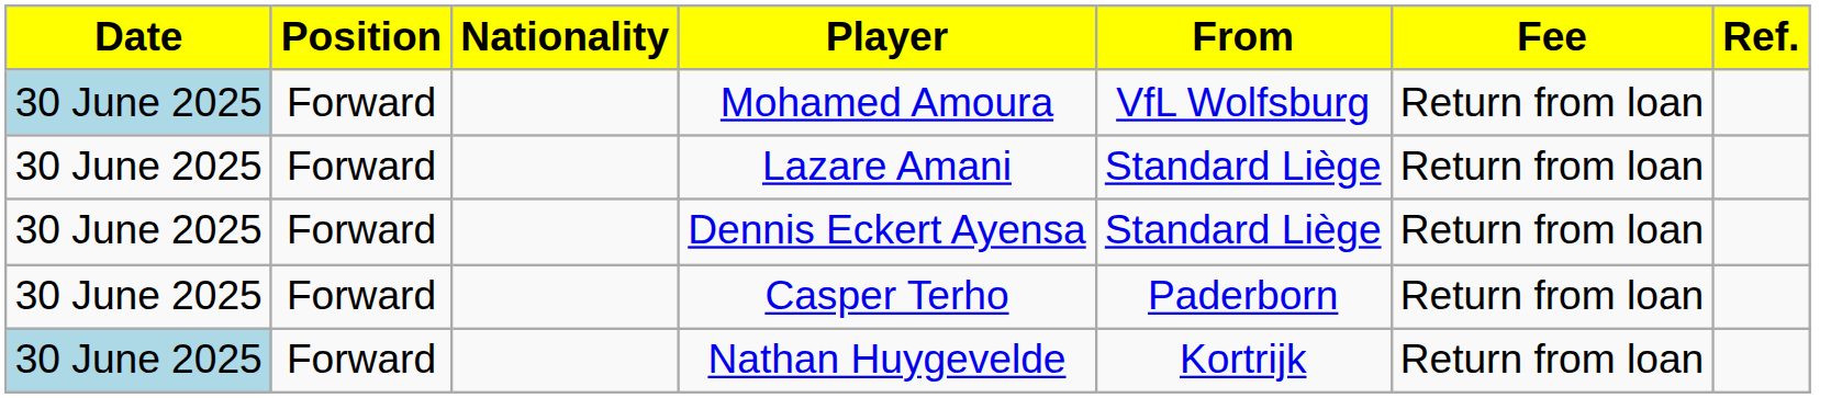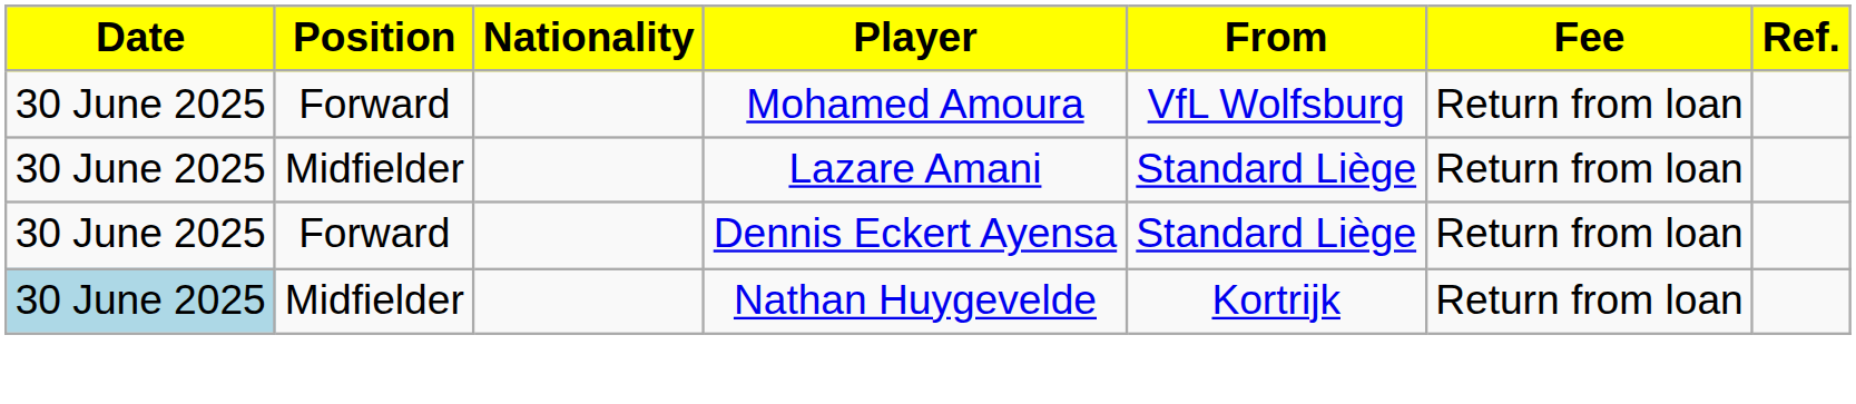 <table class="wikitable" style="text-align:center;">
 <tr>
 <th style="background:#FFFF00; color:#000000; ">Date</th>
 <th style="background:#FFFF00; color:#000000; ">Position</th>
 <th style="background:#FFFF00; color:#000000; ">Nationality</th>
 <th style="background:#FFFF00; color:#000000; ">Player</th>
 <th style="background:#FFFF00; color:#000000; ">From</th>
 <th style="background:#FFFF00; color:#000000; ">Fee</th>
 <th style="background:#FFFF00; color:#000000; ">Ref.</th>
 </tr>
 <tr>
-<td style="background: lightblue;">30 June 2025</td>
+<td>30 June 2025</td>
 <td>Forward</td>
 <td></td>
 <td><a href='#'>Mohamed Amoura</a></td>
 <td> <a href='#'>VfL Wolfsburg</a></td>
 <td>Return from loan</td>
 <td></td>
 </tr>
 <tr>
 <td>30 June 2025</td>
-<td>Forward</td>
+<td>Midfielder</td>
 <td></td>
 <td><a href='#'>Lazare Amani</a></td>
 <td> <a href='#'>Standard Liège</a></td>
 <td>Return from loan</td>
 <td></td>
 </tr>
 <tr>
 <td>30 June 2025</td>
 <td>Forward</td>
 <td></td>
 <td><a href='#'>Dennis Eckert Ayensa</a></td>
 <td> <a href='#'>Standard Liège</a></td>
 <td>Return from loan</td>
 <td></td>
 </tr>
 <tr>
-<td>30 June 2025</td>
-<td>Forward</td>
-<td></td>
-<td><a href='#'>Casper Terho</a></td>
-<td> <a href='#'>Paderborn</a></td>
-<td>Return from loan</td>
-<td></td>
-</tr>
-<tr>
 <td style="background: lightblue;">30 June 2025</td>
-<td>Forward</td>
+<td>Midfielder</td>
 <td></td>
 <td><a href='#'>Nathan Huygevelde</a></td>
 <td> <a href='#'>Kortrijk</a></td>
 <td>Return from loan</td>
 <td></td>
 </tr>
 </table>
